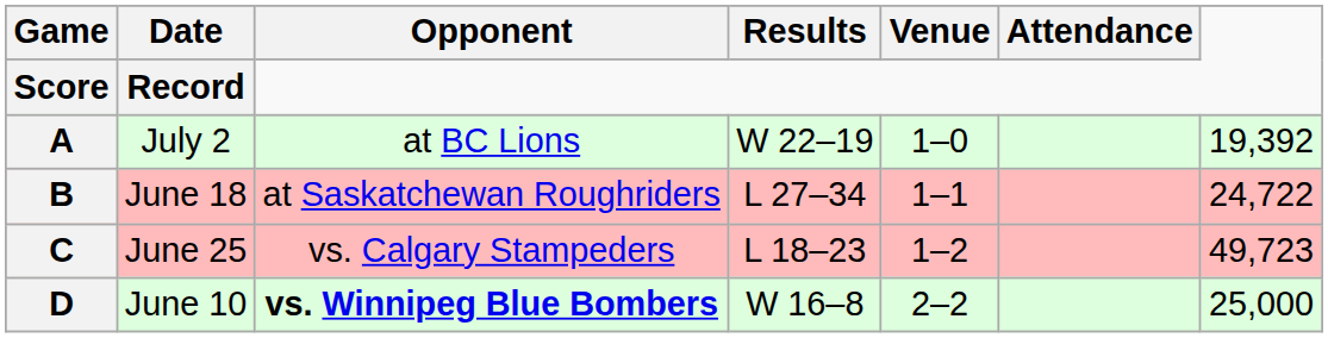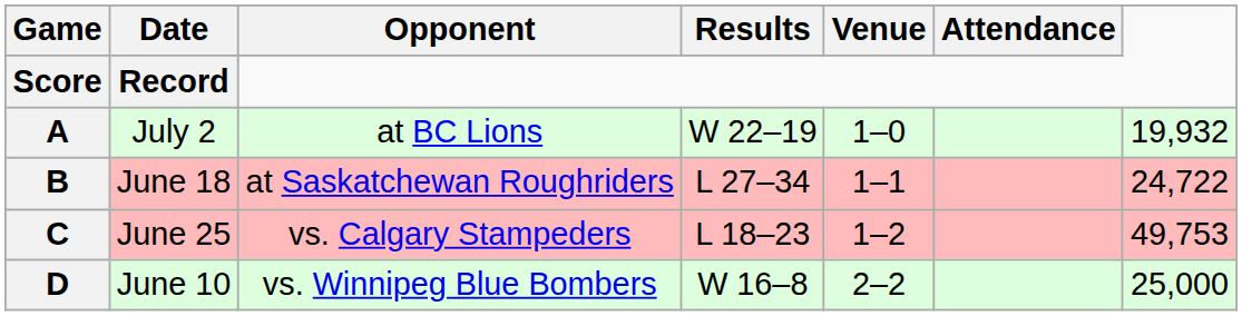 <table class="wikitable" style="text-align:center">
 <tr>
 <th>Game</th>
 <th>Date</th>
 <th>Opponent</th>
 <th>Results</th>
 <th>Venue</th>
 <th>Attendance</th>
 </tr>
 <tr>
 <th>Score</th>
 <th>Record</th>
 </tr>
 <tr style="background:#ddffdd">
 <th>A</th>
 <td>July 2</td>
 <td>at <a href='#'>BC Lions</a></td>
 <td>W 22–19</td>
 <td>1–0</td>
 <td></td>
-<td>19,392</td>
+<td>19,932</td>
 </tr>
 <tr style="background:#ffbbbb">
 <th>B</th>
 <td>June 18</td>
 <td>at <a href='#'>Saskatchewan Roughriders</a></td>
 <td>L 27–34</td>
 <td>1–1</td>
 <td></td>
 <td>24,722</td>
 </tr>
 <tr style="background:#ffbbbb">
 <th>C</th>
 <td>June 25</td>
 <td>vs. <a href='#'>Calgary Stampeders</a></td>
 <td>L 18–23</td>
 <td>1–2</td>
 <td></td>
-<td>49,723</td>
+<td>49,753</td>
 </tr>
 <tr style="background:#ddffdd">
 <th>D</th>
 <td>June 10</td>
-<td><strong>vs. <a href='#'>Winnipeg Blue Bombers</a></strong></td>
+<td>vs. <a href='#'>Winnipeg Blue Bombers</a></td>
 <td>W 16–8</td>
 <td>2–2</td>
 <td></td>
 <td>25,000</td>
 </tr>
 </table>
